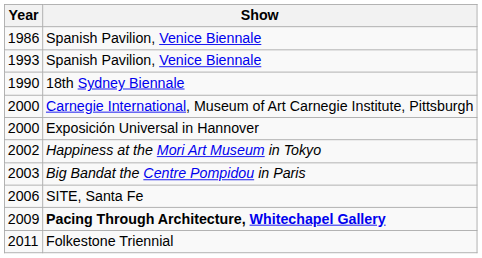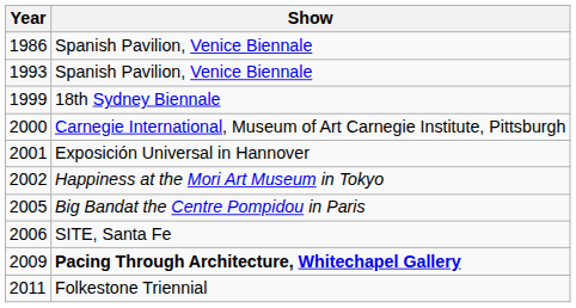 <table class="wikitable">
 <tr>
 <th>Year</th>
 <th>Show</th>
 </tr>
 <tr>
 <td>1986</td>
 <td>Spanish Pavilion, <a href='#'>Venice Biennale</a></td>
 </tr>
 <tr>
 <td>1993</td>
 <td>Spanish Pavilion, <a href='#'>Venice Biennale</a></td>
 </tr>
 <tr>
-<td>1990</td>
+<td>1999</td>
 <td>18th <a href='#'>Sydney Biennale</a></td>
 </tr>
 <tr>
 <td>2000</td>
 <td><a href='#'>Carnegie International</a>, Museum of Art Carnegie Institute, Pittsburgh</td>
 </tr>
 <tr>
-<td>2000</td>
+<td>2001</td>
 <td>Exposición Universal in Hannover</td>
 </tr>
 <tr>
 <td>2002</td>
 <td><em>Happiness</em> <em>at the <a href='#'>Mori Art Museum</a> in Tokyo</em></td>
 </tr>
 <tr>
-<td>2003</td>
+<td>2005</td>
 <td><em>Big Bandat the <a href='#'>Centre Pompidou</a> in Paris</em></td>
 </tr>
 <tr>
 <td>2006</td>
 <td>SITE, Santa Fe</td>
 </tr>
 <tr>
 <td>2009</td>
 <td><strong>Pacing Through Architecture, <a href='#'>Whitechapel Gallery</a></strong></td>
 </tr>
 <tr>
 <td>2011</td>
 <td>Folkestone Triennial</td>
 </tr>
 </table>
